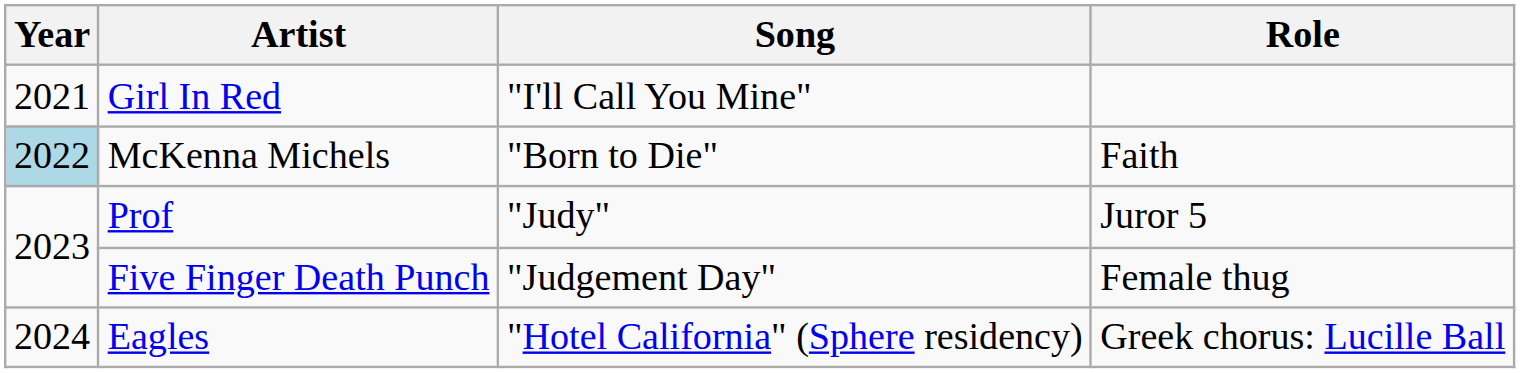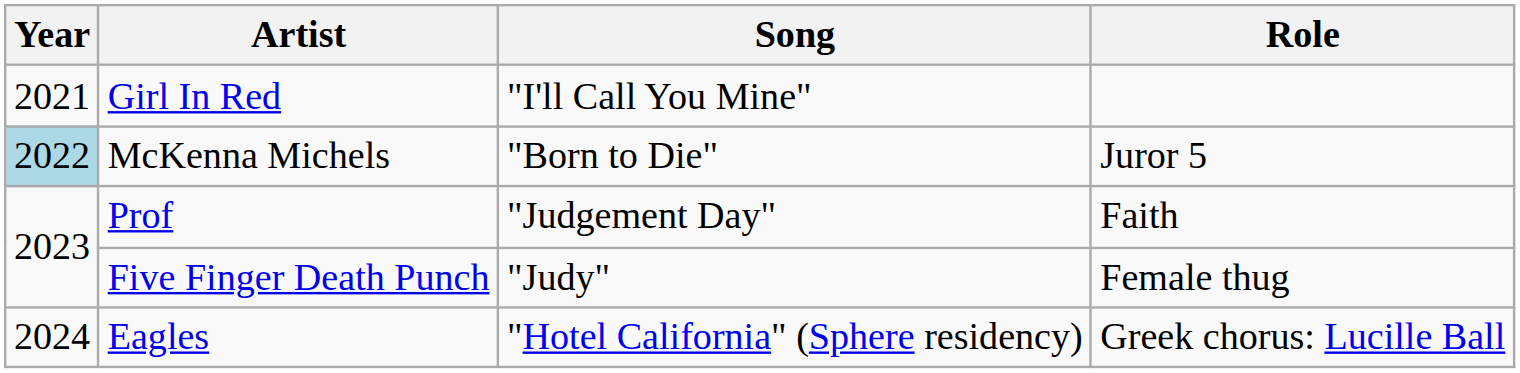 <table class = "wikitable">
 <tr>
 <th>Year</th>
 <th>Artist</th>
 <th>Song</th>
 <th>Role</th>
 </tr>
 <tr>
 <td>2021</td>
 <td><a href='#'>Girl In Red</a></td>
 <td>"I'll Call You Mine"</td>
 <td></td>
 </tr>
 <tr>
 <td style="background: lightblue;">2022</td>
 <td>McKenna Michels</td>
 <td>"Born to Die"</td>
-<td>Faith</td>
+<td>Juror 5</td>
 </tr>
 <tr>
 <td rowspan="2">2023</td>
 <td><a href='#'>Prof</a></td>
-<td>"Judy"</td>
-<td>Juror 5</td>
+<td>"Judgement Day"</td>
+<td>Faith</td>
 </tr>
 <tr>
 <td><a href='#'>Five Finger Death Punch</a></td>
-<td>"Judgement Day"</td>
+<td>"Judy"</td>
 <td>Female thug</td>
 </tr>
 <tr>
 <td>2024</td>
 <td><a href='#'>Eagles</a></td>
 <td>"<a href='#'>Hotel California</a>" (<a href='#'>Sphere</a> residency)</td>
 <td>Greek chorus: <a href='#'>Lucille Ball</a></td>
 </tr>
 </table>
